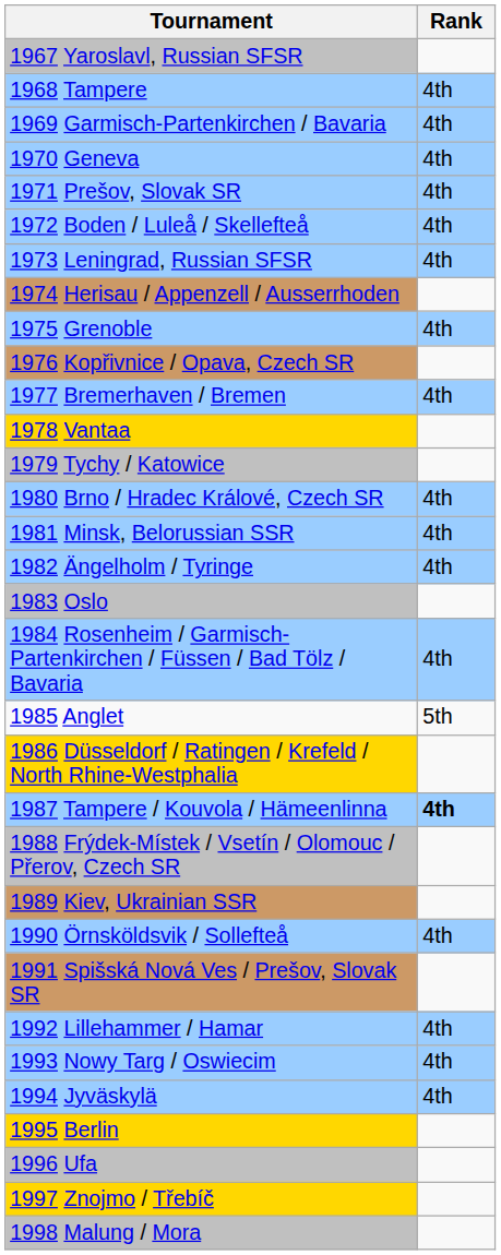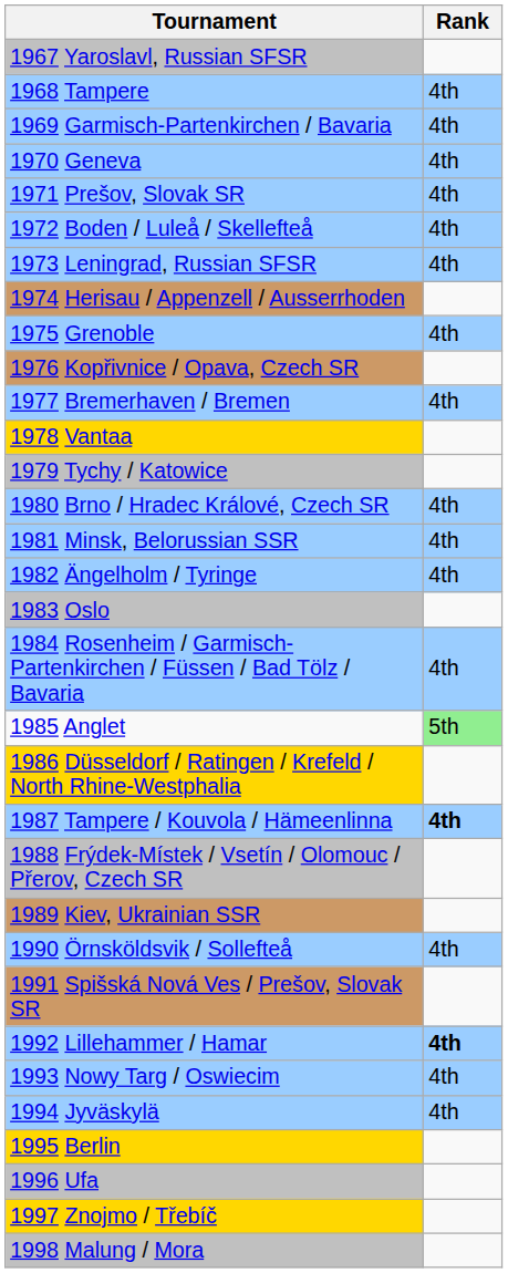 <table class="wikitable">
 <tr>
 <th width=300>Tournament</th>
 <th width=50>Rank</th>
 </tr>
 <tr>
 <td bgcolor=silver> <a href='#'>1967</a> <a href='#'>Yaroslavl</a>, <a href='#'>Russian SFSR</a></td>
 <td></td>
 </tr>
 <tr>
 <td style="background:#9acdff;"> <a href='#'>1968</a> <a href='#'>Tampere</a></td>
 <td style="background:#9acdff;">4th</td>
 </tr>
 <tr>
 <td style="background:#9acdff;"> <a href='#'>1969</a> <a href='#'>Garmisch-Partenkirchen</a> / <a href='#'>Bavaria</a></td>
 <td style="background:#9acdff;">4th</td>
 </tr>
 <tr>
 <td style="background:#9acdff;"> <a href='#'>1970</a> <a href='#'>Geneva</a></td>
 <td style="background:#9acdff;">4th</td>
 </tr>
 <tr>
 <td style="background:#9acdff;"> <a href='#'>1971</a> <a href='#'>Prešov</a>, <a href='#'>Slovak SR</a></td>
 <td style="background:#9acdff;">4th</td>
 </tr>
 <tr>
 <td style="background:#9acdff;"> <a href='#'>1972</a> <a href='#'>Boden</a> / <a href='#'>Luleå</a> / <a href='#'>Skellefteå</a></td>
 <td style="background:#9acdff;">4th</td>
 </tr>
 <tr>
 <td style="background:#9acdff;"> <a href='#'>1973</a> <a href='#'>Leningrad</a>, <a href='#'>Russian SFSR</a></td>
 <td style="background:#9acdff;">4th</td>
 </tr>
 <tr>
 <td style="background:#c96;"> <a href='#'>1974</a> <a href='#'>Herisau</a> / <a href='#'>Appenzell</a> / <a href='#'>Ausserrhoden</a></td>
 <td></td>
 </tr>
 <tr>
 <td style="background:#9acdff;"> <a href='#'>1975</a> <a href='#'>Grenoble</a></td>
 <td style="background:#9acdff;">4th</td>
 </tr>
 <tr>
 <td style="background:#c96;"> <a href='#'>1976</a> <a href='#'>Kopřivnice</a> / <a href='#'>Opava</a>, <a href='#'>Czech SR</a></td>
 <td></td>
 </tr>
 <tr>
 <td style="background:#9acdff;"> <a href='#'>1977</a> <a href='#'>Bremerhaven</a> / <a href='#'>Bremen</a></td>
 <td style="background:#9acdff;">4th</td>
 </tr>
 <tr>
 <td bgcolor=gold> <a href='#'>1978</a> <a href='#'>Vantaa</a></td>
 <td></td>
 </tr>
 <tr>
 <td style="background:silver;"> <a href='#'>1979</a> <a href='#'>Tychy</a> / <a href='#'>Katowice</a></td>
 <td></td>
 </tr>
 <tr>
 <td style="background:#9acdff;"> <a href='#'>1980</a> <a href='#'>Brno</a> / <a href='#'>Hradec Králové</a>, <a href='#'>Czech SR</a></td>
 <td style="background:#9acdff;">4th</td>
 </tr>
 <tr>
 <td style="background:#9acdff;"> <a href='#'>1981</a> <a href='#'>Minsk</a>, <a href='#'>Belorussian SSR</a></td>
 <td style="background:#9acdff;">4th</td>
 </tr>
 <tr>
 <td style="background:#9acdff;"> <a href='#'>1982</a> <a href='#'>Ängelholm</a> / <a href='#'>Tyringe</a></td>
 <td style="background:#9acdff;">4th</td>
 </tr>
 <tr>
 <td style="background:silver;"> <a href='#'>1983</a> <a href='#'>Oslo</a></td>
 <td></td>
 </tr>
 <tr>
 <td style="background:#9acdff;"> <a href='#'>1984</a> <a href='#'>Rosenheim</a> / <a href='#'>Garmisch-Partenkirchen</a> / <a href='#'>Füssen</a> / <a href='#'>Bad Tölz</a> / <a href='#'>Bavaria</a></td>
 <td style="background:#9acdff;">4th</td>
 </tr>
 <tr>
 <td> <a href='#'>1985</a> <a href='#'>Anglet</a></td>
-<td>5th</td>
+<td style="background: lightgreen;">5th</td>
 </tr>
 <tr>
 <td bgcolor=gold> <a href='#'>1986</a> <a href='#'>Düsseldorf</a> / <a href='#'>Ratingen</a> / <a href='#'>Krefeld</a> / <a href='#'>North Rhine-Westphalia</a></td>
 <td></td>
 </tr>
 <tr>
 <td style="background:#9acdff;"> <a href='#'>1987</a> <a href='#'>Tampere</a> / <a href='#'>Kouvola</a> / <a href='#'>Hämeenlinna</a></td>
 <td style="background:#9acdff;"><strong>4th</strong></td>
 </tr>
 <tr>
 <td style="background:silver;"> <a href='#'>1988</a> <a href='#'>Frýdek-Místek</a> / <a href='#'>Vsetín</a> / <a href='#'>Olomouc</a> / <a href='#'>Přerov</a>, <a href='#'>Czech SR</a></td>
 <td></td>
 </tr>
 <tr>
 <td style="background:#c96;"> <a href='#'>1989</a> <a href='#'>Kiev</a>, <a href='#'>Ukrainian SSR</a></td>
 <td></td>
 </tr>
 <tr>
 <td style="background:#9acdff;"> <a href='#'>1990</a> <a href='#'>Örnsköldsvik</a> / <a href='#'>Sollefteå</a></td>
 <td style="background:#9acdff;">4th</td>
 </tr>
 <tr>
 <td style="background:#c96;"> <a href='#'>1991</a> <a href='#'>Spišská Nová Ves</a> / <a href='#'>Prešov</a>, <a href='#'>Slovak SR</a></td>
 <td></td>
 </tr>
 <tr>
 <td style="background:#9acdff;"> <a href='#'>1992</a> <a href='#'>Lillehammer</a> / <a href='#'>Hamar</a></td>
-<td style="background:#9acdff;">4th</td>
+<td style="background:#9acdff;"><strong>4th</strong></td>
 </tr>
 <tr>
 <td style="background:#9acdff;"> <a href='#'>1993</a> <a href='#'>Nowy Targ</a> / <a href='#'>Oswiecim</a></td>
 <td style="background:#9acdff;">4th</td>
 </tr>
 <tr>
 <td style="background:#9acdff;"> <a href='#'>1994</a> <a href='#'>Jyväskylä</a></td>
 <td style="background:#9acdff;">4th</td>
 </tr>
 <tr>
 <td bgcolor=gold> <a href='#'>1995</a> <a href='#'>Berlin</a></td>
 <td></td>
 </tr>
 <tr>
 <td style="background:silver;"> <a href='#'>1996</a> <a href='#'>Ufa</a></td>
 <td></td>
 </tr>
 <tr>
 <td bgcolor=gold> <a href='#'>1997</a> <a href='#'>Znojmo</a> / <a href='#'>Třebíč</a></td>
 <td></td>
 </tr>
 <tr>
 <td style="background:silver;"> <a href='#'>1998</a> <a href='#'>Malung</a> / <a href='#'>Mora</a></td>
 <td></td>
 </tr>
 </table>
